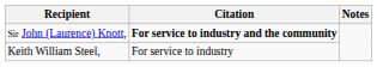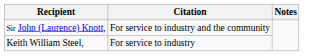 <table class="wikitable" style="font-size:95%;">
 <tr>
 <th>Recipient</th>
 <th>Citation</th>
 <th>Notes</th>
 </tr>
 <tr>
 <td><small>Sir</small> <a href='#'>John (Laurence) Knott</a>, </td>
-<td><strong>For service to industry and the community</strong></td>
+<td>For service to industry and the community</td>
 <td rowspan="2"></td>
 </tr>
 <tr>
 <td>Keith William Steel, </td>
 <td>For service to industry</td>
 </tr>
 </table>
